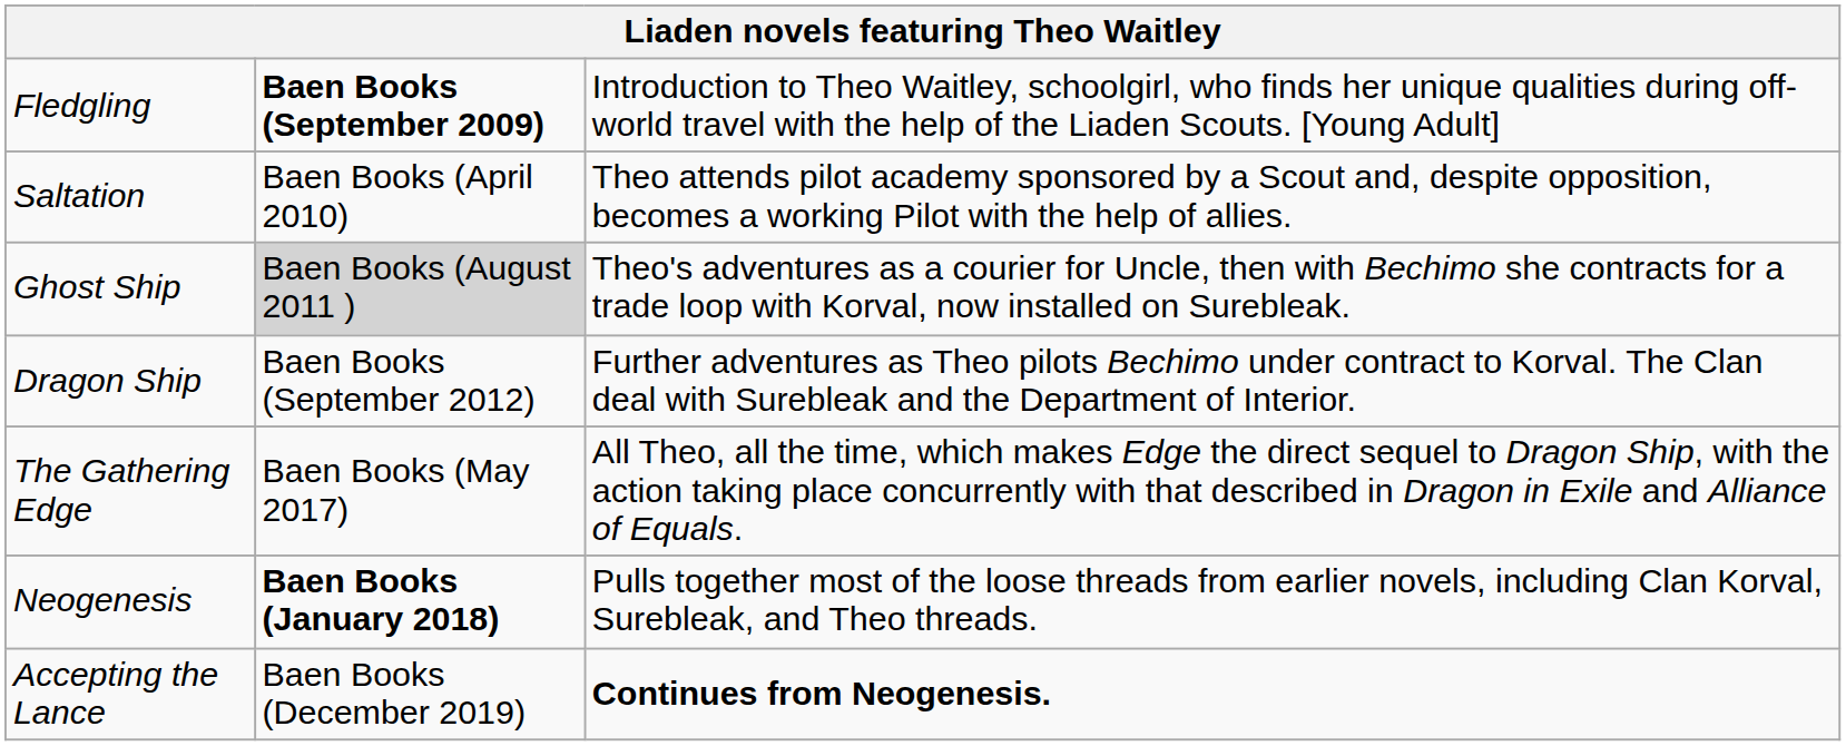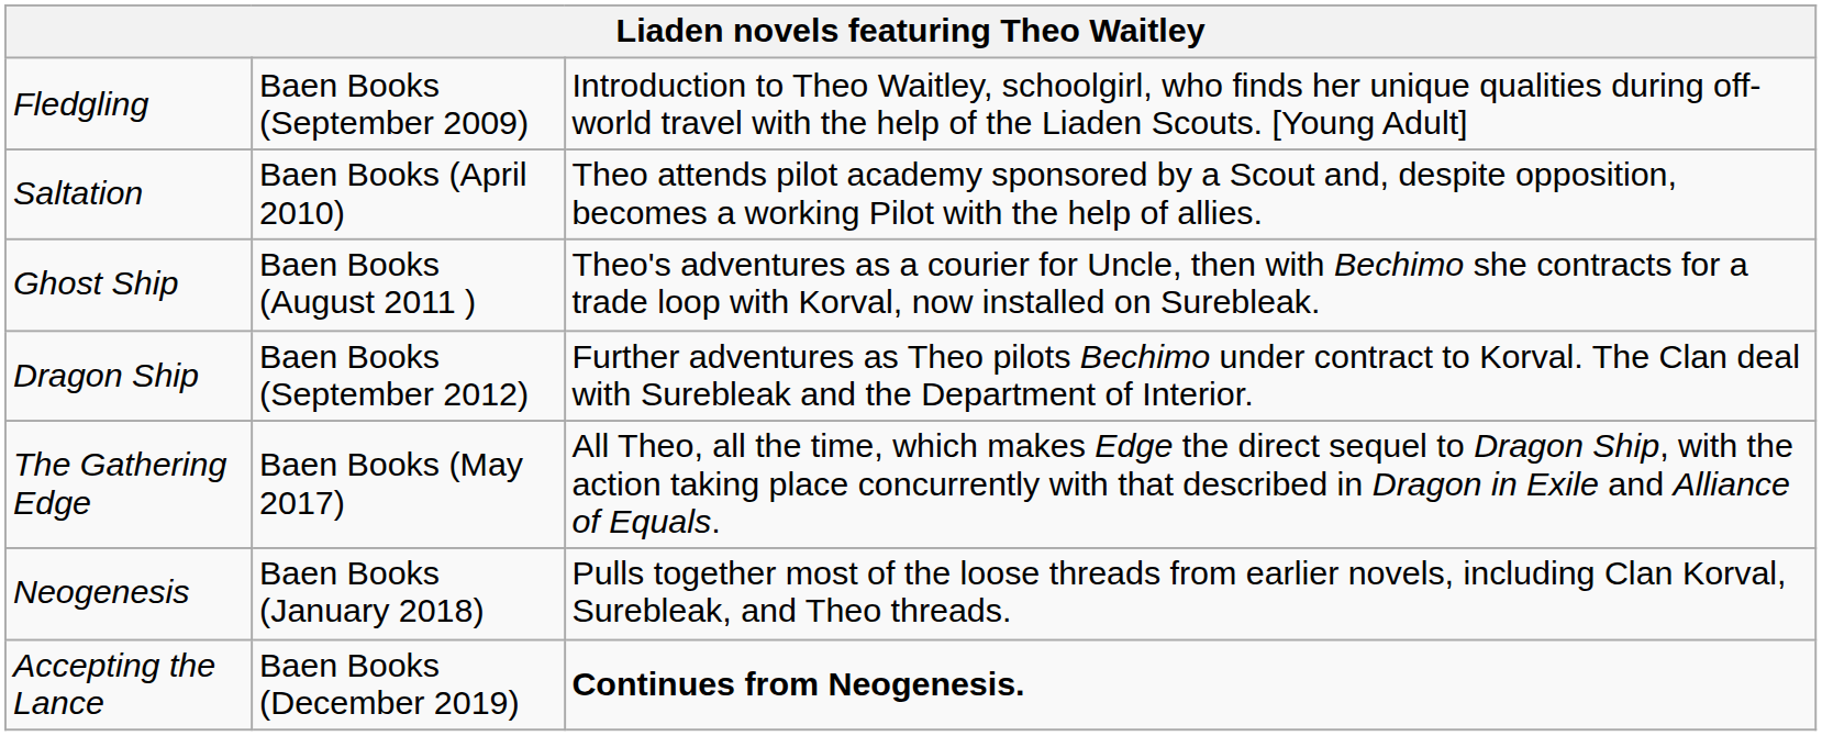 <table class="wikitable">
 <tr>
 <th colspan=3>Liaden novels featuring Theo Waitley</th>
 </tr>
 <tr>
 <td><em>Fledgling</em></td>
-<td><strong>Baen Books (September 2009) </strong></td>
+<td>Baen Books (September 2009) </td>
 <td>Introduction to Theo Waitley, schoolgirl, who finds her unique qualities during off-world travel with the help of the Liaden Scouts. [Young Adult]</td>
 </tr>
 <tr>
 <td><em>Saltation</em></td>
 <td>Baen Books (April 2010) </td>
 <td>Theo attends pilot academy sponsored by a Scout and, despite opposition, becomes a working Pilot with the help of allies.</td>
 </tr>
 <tr>
 <td><em>Ghost Ship</em></td>
-<td style="background: lightgrey;">Baen Books (August 2011 ) </td>
+<td>Baen Books (August 2011 ) </td>
 <td>Theo's adventures as a courier for Uncle, then with <em>Bechimo</em> she contracts for a trade loop with Korval, now installed on Surebleak.</td>
 </tr>
 <tr>
 <td><em>Dragon Ship</em></td>
 <td>Baen Books (September 2012) </td>
 <td>Further adventures as Theo pilots <em>Bechimo</em> under contract to Korval. The Clan deal with Surebleak and the Department of Interior.</td>
 </tr>
 <tr>
 <td><em>The Gathering Edge</em></td>
 <td>Baen Books (May 2017) </td>
 <td>All Theo, all the time, which makes <em>Edge</em> the direct sequel to <em>Dragon Ship</em>, with the action taking place concurrently with that described in <em>Dragon in Exile</em> and <em>Alliance of Equals</em>.</td>
 </tr>
 <tr>
 <td><em>Neogenesis</em></td>
-<td><strong>Baen Books (January 2018) </strong></td>
+<td>Baen Books (January 2018) </td>
 <td>Pulls together most of the loose threads from earlier novels, including Clan Korval, Surebleak, and Theo threads.</td>
 </tr>
 <tr>
 <td><em>Accepting the Lance</em></td>
 <td>Baen Books (December 2019) </td>
 <td><strong>Continues from Neogenesis.</strong></td>
 </tr>
 </table>
